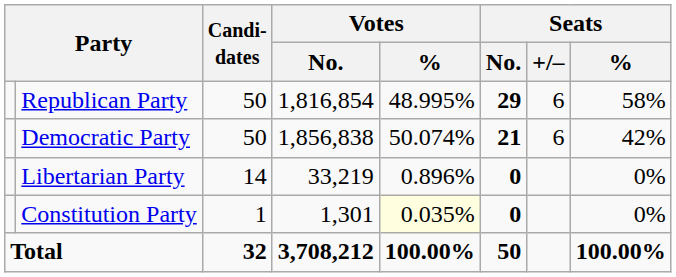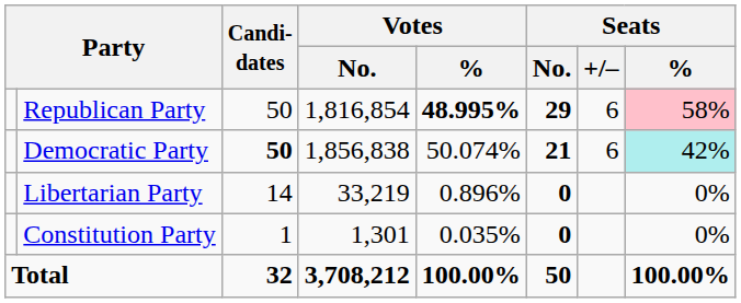 <table class="wikitable" style="font-size:100%; text-align:right;">
 <tr>
 <th colspan=2 rowspan=2>Party</th>
 <th rowspan=2><small>Candi-<br>dates</small></th>
 <th colspan=2>Votes</th>
 <th colspan=3>Seats</th>
 </tr>
 <tr>
 <th>No.</th>
 <th>%</th>
 <th>No.</th>
 <th>+/–</th>
 <th>%</th>
 </tr>
 <tr>
 <td style="background:"></td>
 <td align=left><a href='#'>Republican Party</a></td>
 <td>50</td>
 <td>1,816,854</td>
-<td>48.995%</td>
+<td><strong>48.995%</strong></td>
 <td><strong>29</strong></td>
 <td>6</td>
-<td>58%</td>
+<td style="background: pink;">58%</td>
 </tr>
 <tr>
 <td style="background:"></td>
 <td align=left><a href='#'>Democratic Party</a></td>
-<td>50</td>
+<td><strong>50</strong></td>
 <td>1,856,838</td>
 <td>50.074%</td>
 <td><strong>21</strong></td>
 <td>6</td>
-<td>42%</td>
+<td style="background: paleturquoise;">42%</td>
 </tr>
 <tr>
 <td style="background:"></td>
 <td align=left><a href='#'>Libertarian Party</a></td>
 <td>14</td>
 <td>33,219</td>
 <td>0.896%</td>
 <td><strong>0</strong></td>
 <td></td>
 <td>0%</td>
 </tr>
 <tr>
 <td style="background:"></td>
 <td align=left><a href='#'>Constitution Party</a></td>
 <td>1</td>
 <td>1,301</td>
-<td style="background: lightyellow;">0.035%</td>
+<td>0.035%</td>
 <td><strong>0</strong></td>
 <td></td>
 <td>0%</td>
 </tr>
 <tr style="font-weight:bold">
 <td colspan=2 align=left>Total</td>
 <td>32</td>
 <td>3,708,212</td>
 <td>100.00%</td>
 <td>50</td>
 <td></td>
 <td>100.00%</td>
 </tr>
 </table>
